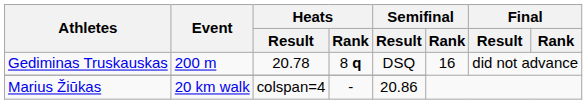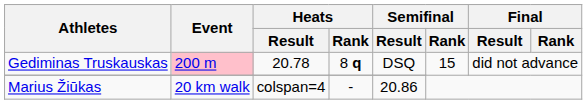 <table class="wikitable" border="1" style="font-size:90%">
 <tr>
 <th rowspan="2">Athletes</th>
 <th rowspan="2">Event</th>
 <th colspan="2">Heats</th>
 <th colspan="2">Semifinal</th>
 <th colspan="2">Final</th>
 </tr>
 <tr>
 <th>Result</th>
 <th>Rank</th>
 <th>Result</th>
 <th>Rank</th>
 <th>Result</th>
 <th>Rank</th>
 </tr>
 <tr align=center>
 <td align=left><a href='#'>Gediminas Truskauskas</a></td>
-<td align=left><a href='#'>200 m</a></td>
+<td align=left style="background: pink;"><a href='#'>200 m</a></td>
 <td>20.78</td>
 <td>8 <strong>q</strong></td>
 <td>DSQ</td>
-<td>16</td>
+<td>15</td>
 <td align=center colspan=2>did not advance</td>
 </tr>
 <tr>
 </tr>
 <tr align=center>
 <td align=left><a href='#'>Marius Žiūkas</a></td>
 <td align=left rowspan=2><a href='#'>20 km walk</a></td>
 <td>colspan=4 </td>
 <td>-</td>
 <td>20.86</td>
 </tr>
 </table>
